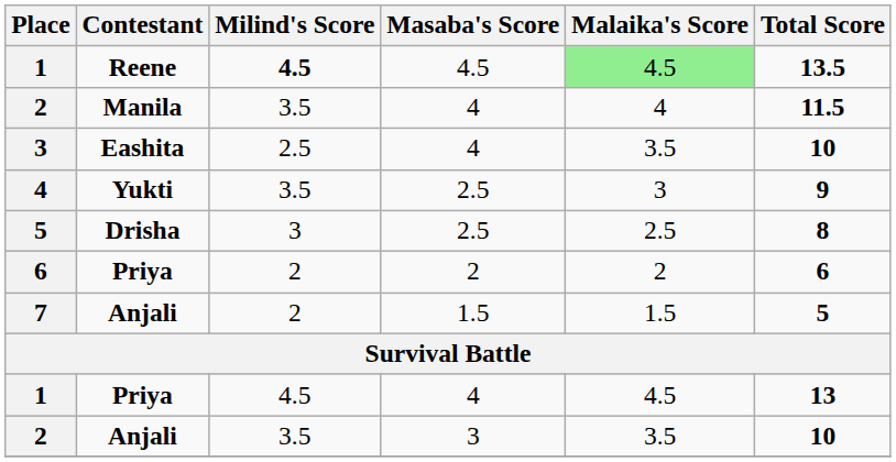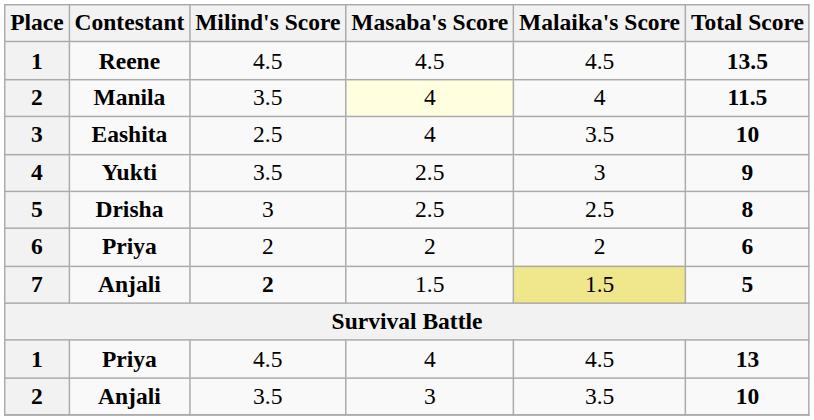 <table class="wikitable" style="text-align:center">
 <tr>
 <th>Place</th>
 <th>Contestant</th>
 <th>Milind's Score</th>
 <th>Masaba's Score</th>
 <th>Malaika's Score</th>
 <th>Total Score</th>
 </tr>
 <tr>
 <th>1</th>
 <td><strong>Reene</strong></td>
-<td><strong>4.5</strong></td>
 <td>4.5</td>
-<td style="background: lightgreen;">4.5</td>
+<td>4.5</td>
+<td>4.5</td>
 <td><strong>13.5</strong></td>
 </tr>
 <tr>
 <th>2</th>
 <td><strong>Manila</strong></td>
 <td>3.5</td>
-<td>4</td>
+<td style="background: lightyellow;">4</td>
 <td>4</td>
 <td><strong>11.5</strong></td>
 </tr>
 <tr>
 <th>3</th>
 <td><strong>Eashita</strong></td>
 <td>2.5</td>
 <td>4</td>
 <td>3.5</td>
 <td><strong>10</strong></td>
 </tr>
 <tr>
 <th>4</th>
 <td><strong>Yukti</strong></td>
 <td>3.5</td>
 <td>2.5</td>
 <td>3</td>
 <td><strong>9</strong></td>
 </tr>
 <tr>
 <th>5</th>
 <td><strong>Drisha</strong></td>
 <td>3</td>
 <td>2.5</td>
 <td>2.5</td>
 <td><strong>8</strong></td>
 </tr>
 <tr>
 <th>6</th>
 <td><strong>Priya</strong></td>
 <td>2</td>
 <td>2</td>
 <td>2</td>
 <td><strong>6</strong></td>
 </tr>
 <tr>
 <th>7</th>
 <td><strong>Anjali</strong></td>
-<td>2</td>
+<td><strong>2</strong></td>
 <td>1.5</td>
-<td>1.5</td>
+<td style="background: khaki;">1.5</td>
 <td><strong>5</strong></td>
 </tr>
 <tr>
 <th colspan="6">Survival Battle</th>
 </tr>
 <tr>
 <th>1</th>
 <td><strong>Priya</strong></td>
 <td>4.5</td>
 <td>4</td>
 <td>4.5</td>
 <td><strong>13</strong></td>
 </tr>
 <tr>
 <th>2</th>
 <td><strong>Anjali</strong></td>
 <td>3.5</td>
 <td>3</td>
 <td>3.5</td>
 <td><strong>10</strong></td>
 </tr>
 <tr>
 </tr>
 </table>
